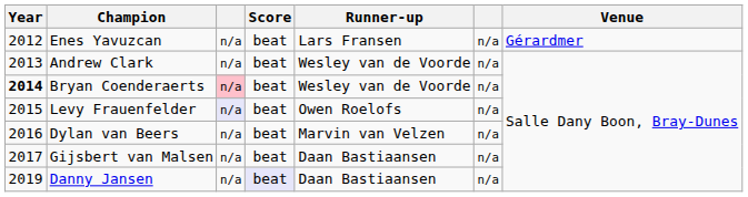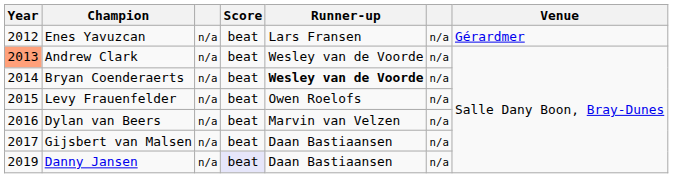 <table class="wikitable sortable">
 <tr>
 <th>Year</th>
 <th>Champion</th>
 <th></th>
 <th>Score</th>
 <th>Runner-up</th>
 <th></th>
 <th>Venue</th>
 </tr>
 <tr>
 <td>2012</td>
 <td> Enes Yavuzcan</td>
 <td align=center><small><span>n/a</span></small></td>
 <td align=center>beat</td>
 <td> Lars Fransen</td>
 <td align=center><small><span>n/a</span></small></td>
 <td><a href='#'>Gérardmer</a></td>
 </tr>
 <tr>
-<td>2013</td>
+<td style="background: lightsalmon;">2013</td>
 <td> Andrew Clark</td>
 <td align=center><small><span>n/a</span></small></td>
 <td align=center>beat</td>
 <td> Wesley van de Voorde</td>
 <td align=center><small><span>n/a</span></small></td>
 <td rowspan=6>Salle Dany Boon, <a href='#'>Bray-Dunes</a></td>
 </tr>
 <tr>
-<td><strong>2014</strong></td>
+<td>2014</td>
 <td> Bryan Coenderaerts</td>
-<td align=center style="background: pink;"><small><span>n/a</span></small></td>
+<td align=center><small><span>n/a</span></small></td>
 <td align=center>beat</td>
-<td> Wesley van de Voorde</td>
+<td><strong> Wesley van de Voorde</strong></td>
 <td align=center><small><span>n/a</span></small></td>
 </tr>
 <tr>
 <td>2015</td>
 <td> Levy Frauenfelder</td>
-<td align=center style="background: lavender;"><small><span>n/a</span></small></td>
+<td align=center><small><span>n/a</span></small></td>
 <td align=center>beat</td>
 <td> Owen Roelofs</td>
 <td align=center><small><span>n/a</span></small></td>
 </tr>
 <tr>
 <td>2016</td>
 <td> Dylan van Beers</td>
 <td align=center><small><span>n/a</span></small></td>
 <td align=center>beat</td>
 <td> Marvin van Velzen</td>
 <td align=center><small><span>n/a</span></small></td>
 </tr>
 <tr>
 <td>2017</td>
 <td> Gijsbert van Malsen</td>
 <td align=center><small><span>n/a</span></small></td>
 <td align=center>beat</td>
 <td> Daan Bastiaansen</td>
 <td align=center><small><span>n/a</span></small></td>
 </tr>
 <tr>
 <td>2019</td>
 <td> <a href='#'>Danny Jansen</a></td>
 <td align=center><small><span>n/a</span></small></td>
 <td align=center style="background: lavender;">beat</td>
 <td> Daan Bastiaansen</td>
 <td align=center><small><span>n/a</span></small></td>
 </tr>
 </table>
